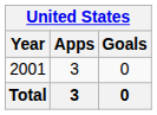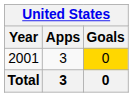 <table class="wikitable" style="text-align:center">
 <tr>
 <th colspan=3><a href='#'>United States</a></th>
 </tr>
 <tr>
 <th>Year</th>
 <th>Apps</th>
 <th>Goals</th>
 </tr>
 <tr>
 <td>2001</td>
 <td>3</td>
-<td>0</td>
+<td style="background: gold;">0</td>
 </tr>
 <tr>
 <th>Total</th>
 <th>3</th>
 <th>0</th>
 </tr>
 </table>
